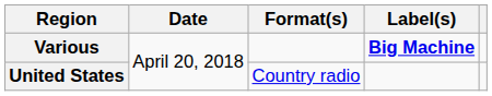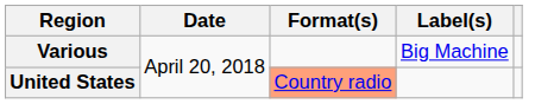 <table class="wikitable plainrowheaders">
 <tr>
 <th scope="col">Region</th>
 <th scope="col">Date</th>
 <th scope="col">Format(s)</th>
 <th scope="col">Label(s)</th>
 <th scope="col"></th>
 </tr>
 <tr>
 <th scope="row">Various</th>
 <td rowspan="2">April 20, 2018</td>
 <td></td>
-<td><strong><a href='#'>Big Machine</a></strong></td>
+<td><a href='#'>Big Machine</a></td>
 <td style="text-align:center;"></td>
 </tr>
 <tr>
 <th scope="row">United States</th>
-<td><a href='#'>Country radio</a></td>
+<td style="background: lightsalmon;"><a href='#'>Country radio</a></td>
 <td></td>
 <td style="text-align:center;"></td>
 </tr>
 </table>
